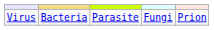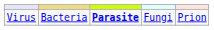 <table class="wikitable" style="font-size: 90%">
 <tr>
 <td style="background: lavender; text-align: center;"></td>
 <td style="background: #f0dc82; text-align: center;"></td>
 <td style="background: #CEFF00; text-align: center;"></td>
 <td style="background: #e0ffff; text-align: center;"></td>
 <td style="background: #FFE4E1; text-align: center;"></td>
 </tr>
 <tr>
 <td><a href='#'>Virus</a></td>
 <td><a href='#'>Bacteria</a></td>
-<td><a href='#'>Parasite</a></td>
+<td><strong><a href='#'>Parasite</a></strong></td>
 <td><a href='#'>Fungi</a></td>
 <td><a href='#'>Prion</a></td>
 </tr>
 </table>
